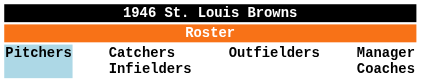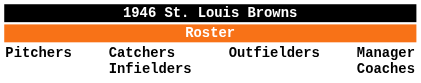 <table class="toccolours" style="font-size: 95%;">
 <tr>
 <th colspan="10" style="background-color: black; color: white; text-align: center;">1946 St. Louis Browns</th>
 </tr>
 <tr>
 <td colspan="10" style="background-color: #F87217; color: white; text-align: center;"><strong>Roster</strong></td>
 </tr>
 <tr>
-<td valign="top" style="background: lightblue;"><strong>Pitchers</strong><br>                  </td>
+<td valign="top"><strong>Pitchers</strong><br>                  </td>
 <td width="25px"></td>
 <td valign="top"><strong>Catchers</strong><br>      <strong>Infielders</strong>          </td>
 <td width="25px"></td>
 <td valign="top"><strong>Outfielders</strong><br>        </td>
 <td width="25px"></td>
 <td valign="top"><strong>Manager</strong><br>  <strong>Coaches</strong>   </td>
 </tr>
 <tr>
 </tr>
 </table>
